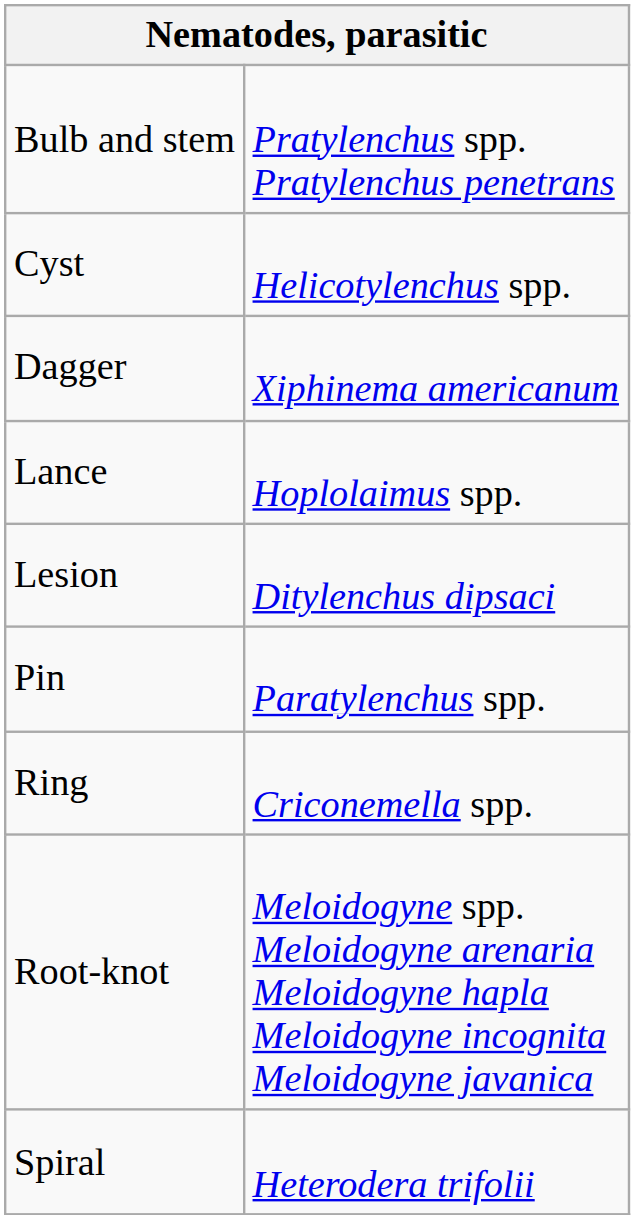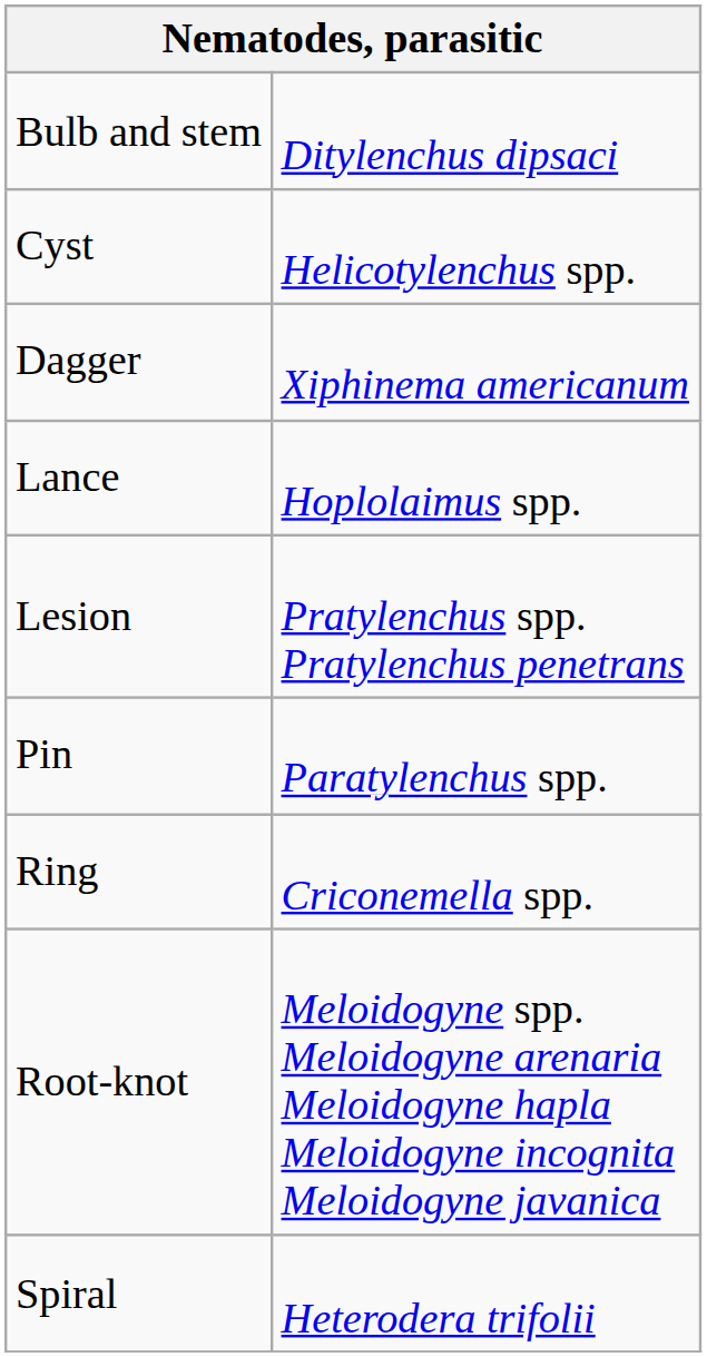 <table class="wikitable" style="clear">
 <tr>
 <th colspan=2><strong>Nematodes, parasitic</strong><br></th>
 </tr>
 <tr>
 <td>Bulb and stem</td>
-<td><br><em><a href='#'>Pratylenchus</a></em> spp. <br> <em><a href='#'>Pratylenchus penetrans</a></em></td>
+<td><br><em><a href='#'>Ditylenchus dipsaci</a></em></td>
 </tr>
 <tr>
 <td>Cyst</td>
 <td><br><em><a href='#'>Helicotylenchus</a></em> spp.</td>
 </tr>
 <tr>
 <td>Dagger</td>
 <td><br><em><a href='#'>Xiphinema americanum</a></em></td>
 </tr>
 <tr>
 <td>Lance</td>
 <td><br><em><a href='#'>Hoplolaimus</a></em> spp.</td>
 </tr>
 <tr>
 <td>Lesion</td>
-<td><br><em><a href='#'>Ditylenchus dipsaci</a></em></td>
+<td><br><em><a href='#'>Pratylenchus</a></em> spp. <br> <em><a href='#'>Pratylenchus penetrans</a></em></td>
 </tr>
 <tr>
 <td>Pin</td>
 <td><br><em><a href='#'>Paratylenchus</a></em> spp.</td>
 </tr>
 <tr>
 <td>Ring</td>
 <td><br><em><a href='#'>Criconemella</a></em> spp.</td>
 </tr>
 <tr>
 <td>Root-knot</td>
 <td><br><em><a href='#'>Meloidogyne</a></em> spp. <br> <em><a href='#'>Meloidogyne arenaria</a></em><br> <em><a href='#'>Meloidogyne hapla</a></em><br> <em><a href='#'>Meloidogyne incognita</a></em><br> <em><a href='#'>Meloidogyne javanica</a></em></td>
 </tr>
 <tr>
 <td>Spiral</td>
 <td><br><em><a href='#'>Heterodera trifolii</a></em></td>
 </tr>
 <tr>
 </tr>
 </table>
